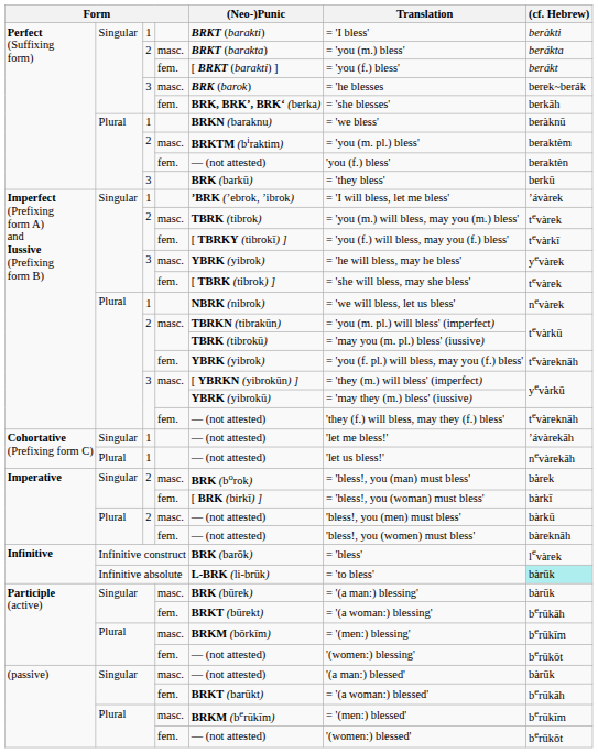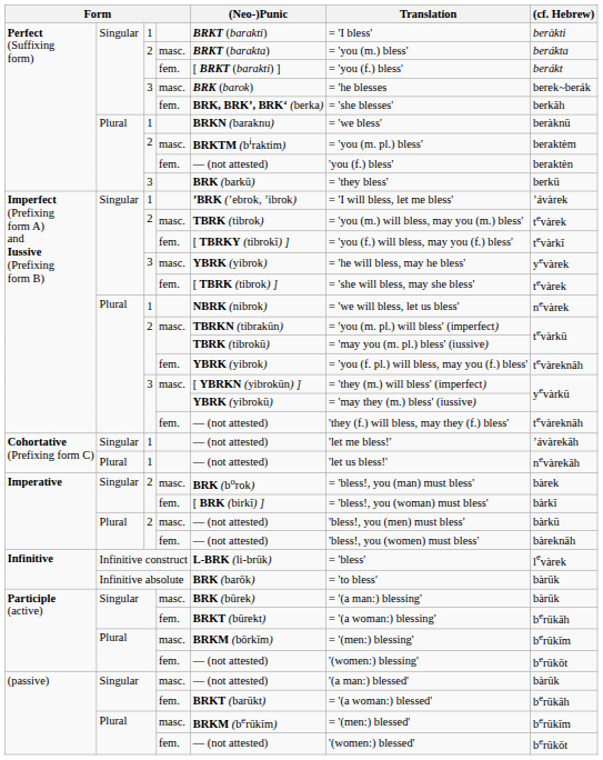 <table class="wikitable mw-collapsible mw-collapsed">
 <tr>
 <th colspan="4">Form</th>
 <th>(Neo-)Punic</th>
 <th>Translation</th>
 <th>(cf. Hebrew)</th>
 </tr>
 <tr>
 <td rowspan="9" valign="top"><strong>Perfect</strong><br>(Suffixing<br>form)</td>
 <td rowspan="5" valign="top">Singular</td>
 <td>1</td>
 <td></td>
 <td><strong> <em>BRKT</em> </strong> (<em>barakti</em>)</td>
 <td>= 'I bless'</td>
 <td><em>beràkti</em></td>
 </tr>
 <tr>
 <td rowspan="2" valign="top">2</td>
 <td>masc.</td>
 <td><strong> <em>BRKT</em> </strong> (<em>barakta</em>)</td>
 <td>= 'you (m.) bless'</td>
 <td><em>berákta</em></td>
 </tr>
 <tr>
 <td>fem.</td>
 <td>[<strong> <em>BRKT</em> </strong> (<em>barakti</em>) ]</td>
 <td>= 'you (f.) bless'</td>
 <td><em>berákt</em></td>
 </tr>
 <tr>
 <td rowspan="2" valign="top">3</td>
 <td>masc.</td>
 <td><strong> <em>BRK</em> </strong> (<em>barok</em>)</td>
 <td>= 'he blesses<em></td>
 <td></em>berek<em>~</em>berák<em></td>
 </tr>
 <tr>
 <td>fem.</td>
 <td><strong> </em>BRK, BRK’, BRK‘<em> </strong> (</em>berka<em>)</td>
 <td>= 'she blesses'</td>
 <td></em>berkāh<em></td>
 </tr>
 <tr>
 <td rowspan="4" valign="top">Plural</td>
 <td>1</td>
 <td></td>
 <td><strong> </em>BRKN<em> </strong> (</em>baraknu<em>)</td>
 <td>= 'we bless'</td>
 <td></em>beràknū<em></td>
 </tr>
 <tr>
 <td rowspan="2" valign="top">2</td>
 <td>masc.</td>
 <td><strong> </em>BRKTM<em> </strong> (</em>b<sup>i</sup>raktim<em>)</td>
 <td>= 'you (m. pl.) bless'</td>
 <td></em>beraktèm<em></td>
 </tr>
 <tr>
 <td>fem.</td>
 <td></em>— (not attested)<em></td>
 <td>'you (f.) bless'</td>
 <td></em>beraktèn<em></td>
 </tr>
 <tr>
 <td>3</td>
 <td></td>
 <td><strong> </em>BRK<em> </strong> (</em>barkū<em>)</td>
 <td>= 'they bless'</td>
 <td></em>berkū<em></td>
 </tr>
 <tr>
 <td rowspan="12" valign="top"><strong>Imperfect</strong><br>(Prefixing<br>form A)<br>and<br><strong>Iussive</strong><br>(Prefixing<br>form B)</td>
 <td rowspan="5" valign="top">Singular</td>
 <td>1</td>
 <td></td>
 <td><strong> </em>’BRK<em> </strong> (</em>’ebrok, ’ibrok<em>)</td>
 <td>= 'I will bless, let me bless'</td>
 <td></em>’ávàrek<em></td>
 </tr>
 <tr>
 <td rowspan="2" valign="top">2</td>
 <td>masc.</td>
 <td><strong> </em>TBRK<em> </strong> (</em>tibrok<em>)</td>
 <td>= 'you (m.) will bless, may you (m.) bless'</td>
 <td></em>t<sup>e</sup>vàrek<em></td>
 </tr>
 <tr>
 <td>fem.</td>
 <td>[<strong> </em>TBRKY<em> </strong> (</em>tibrokī<em>) ]</td>
 <td>= 'you (f.) will bless, may you (f.) bless'</td>
 <td></em>t<sup>e</sup>vàrkī<em></td>
 </tr>
 <tr>
 <td rowspan="2" valign="top">3</td>
 <td>masc.</td>
 <td><strong> </em>YBRK<em> </strong> (</em>yibrok<em>)</td>
 <td>= 'he will bless, may he bless'</td>
 <td></em>y<sup>e</sup>vàrek<em></td>
 </tr>
 <tr>
 <td>fem.</td>
 <td>[<strong> </em>TBRK<em> </strong> (</em>tibrok<em>) ]</td>
 <td>= 'she will bless, may she bless'</td>
 <td></em>t<sup>e</sup>vàrek<em></td>
 </tr>
 <tr>
 <td rowspan="7" valign="top">Plural</td>
 <td>1</td>
 <td></td>
 <td><strong> </em>NBRK<em> </strong> (</em>nibrok<em>)</td>
 <td>= 'we will bless, let us bless'</td>
 <td></em>n<sup>e</sup>vàrek<em></td>
 </tr>
 <tr>
 <td rowspan="3" valign="top">2</td>
 <td rowspan="2" valign="top">masc.</td>
 <td><strong> </em>TBRKN<em> </strong> (</em>tibrakūn<em>)</td>
 <td>= 'you (m. pl.) will bless' (</em>imperfect<em>)</td>
 <td rowspan="2"></em>t<sup>e</sup>vàrkū<em></td>
 </tr>
 <tr>
 <td><strong> </em>TBRK<em> </strong> (</em>tibrokū<em>)</td>
 <td>= 'may you (m. pl.) bless' (</em>iussive<em>)</td>
 </tr>
 <tr>
 <td>fem.</td>
 <td><strong> </em>YBRK<em> </strong> (</em>yibrok<em>)</td>
 <td>= 'you (f. pl.) will bless, may you (f.) bless'</td>
 <td></em>t<sup>e</sup>vàreknāh<em></td>
 </tr>
 <tr>
 <td rowspan="3" valign="top">3</td>
 <td rowspan="2" valign="top">masc.</td>
 <td>[ <strong> </em>YBRKN<em> </strong> (</em>yibrokūn<em>) ]</td>
 <td>= 'they (m.) will bless' (</em>imperfect<em>)</td>
 <td rowspan="2"></em>y<sup>e</sup>vàrkū<em></td>
 </tr>
 <tr>
 <td><strong> </em>YBRK<em> </strong> (</em>yibrokū<em>)</td>
 <td>= 'may they (m.) bless' (</em>iussive<em>)</td>
 </tr>
 <tr>
 <td>fem.</td>
 <td></em>— (not attested)<em></td>
 <td>'they (f.) will bless, may they (f.) bless'</td>
 <td></em>t<sup>e</sup>vàreknāh<em></td>
 </tr>
 <tr>
 <td rowspan="2" valign="top"><strong>Cohortative</strong> <br>(Prefixing form C)</td>
 <td>Singular</td>
 <td>1</td>
 <td></td>
 <td></em>— (not attested)<em></td>
 <td>'let me bless!'</td>
 <td></em>’ávàrekāh<em></td>
 </tr>
 <tr>
 <td>Plural</td>
 <td>1</td>
 <td></td>
 <td></em>— (not attested)<em></td>
 <td>'let us bless!'</td>
 <td></em>n<sup>e</sup>vàrekāh<em></td>
 </tr>
 <tr>
 <td rowspan="4" valign="top"><strong>Imperative</strong></td>
 <td rowspan="2" valign="top">Singular</td>
 <td rowspan="2" valign="top">2</td>
 <td>masc.</td>
 <td><strong> </em>BRK<em> </strong> (</em>b<sup>o</sup>rok<em>)</td>
 <td>= 'bless!, you (man) must bless'</td>
 <td></em>bàrek<em></td>
 </tr>
 <tr>
 <td>fem.</td>
 <td>[<strong> </em>BRK<em> </strong> (</em>birkī<em>) ]</td>
 <td>= 'bless!, you (woman) must bless'</td>
 <td></em>bàrkī<em></td>
 </tr>
 <tr>
 <td rowspan="2" valign="top">Plural</td>
 <td rowspan="2" valign="top">2</td>
 <td>masc.</td>
 <td></em>— (not attested)<em></td>
 <td>'bless!, you (men) must bless'</td>
 <td></em>bàrkū<em></td>
 </tr>
 <tr>
 <td>fem.</td>
 <td></em>— (not attested)<em></td>
 <td>'bless!, you (women) must bless'</td>
 <td></em>bàreknāh<em></td>
 </tr>
 <tr>
 <td rowspan="2" valign="top"><strong>Infinitive</strong></td>
 <td colspan="3">Infinitive construct</td>
-<td><strong> </em>BRK<em> </strong> (</em>barōk<em>)</td>
+<td><strong> </em>L-BRK<em> </strong> (</em>li-brūk<em>)</td>
 <td>= 'bless'</td>
 <td></em>l<sup>e</sup>vàrek<em></td>
 </tr>
 <tr>
 <td colspan="3">Infinitive absolute</td>
-<td><strong> </em>L-BRK<em> </strong> (</em>li-brūk<em>)</td>
+<td><strong> </em>BRK<em> </strong> (</em>barōk<em>)</td>
 <td>= 'to bless'</td>
-<td style="background: paleturquoise;"></em>bàrūk<em></td>
+<td></em>bàrūk<em></td>
 </tr>
 <tr>
 <td rowspan="4" valign="top"><strong>Participle</strong><br>(active)</td>
 <td rowspan="2" colspan="2" valign="top">Singular</td>
 <td>masc.</td>
 <td><strong> </em>BRK<em> </strong> (</em>būrek<em>)</td>
 <td>= '(a man:) blessing'</td>
 <td></em>bàrūk<em></td>
 </tr>
 <tr>
 <td>fem.</td>
 <td><strong> </em>BRKT<em> </strong> (</em>būrekt<em>)</td>
 <td>= '(a woman:) blessing'</td>
 <td></em>b<sup>e</sup>rūkāh<em></td>
 </tr>
 <tr>
 <td rowspan="2" valign="top" colspan="2">Plural</td>
 <td>masc.</td>
 <td><strong> </em>BRKM<em> </strong> (</em>bōrkīm<em>)</td>
 <td>= '(men:) blessing'</td>
 <td></em>b<sup>e</sup>rūkīm<em></td>
 </tr>
 <tr>
 <td>fem.</td>
 <td></em>— (not attested)<em></td>
 <td>'(women:) blessing'</td>
 <td></em>b<sup>e</sup>rūkōt<em></td>
 </tr>
 <tr>
 <td rowspan="4" valign="top">(passive)</td>
 <td rowspan="2" colspan="2" valign="top">Singular</td>
 <td>masc.</td>
 <td></em>— (not attested)<em></td>
 <td>'(a man:) blessed'</td>
 <td></em>bàrūk<em></td>
 </tr>
 <tr>
 <td>fem.</td>
 <td><strong> </em>BRKT<em> </strong> (</em>barūkt<em>)</td>
 <td>= '(a woman:) blessed'</td>
 <td></em>b<sup>e</sup>rūkāh<em></td>
 </tr>
 <tr>
 <td rowspan="2" valign="top" colspan="2">Plural</td>
 <td>masc.</td>
 <td><strong> </em>BRKM<em> </strong> (</em>b<sup>e</sup>rūkīm<em>)</td>
 <td>= '(men:) blessed'</td>
 <td></em>b<sup>e</sup>rūkīm<em></td>
 </tr>
 <tr>
 <td>fem.</td>
 <td></em>— (not attested)<em></td>
 <td>'(women:) blessed'</td>
 <td></em>b<sup>e</sup>rūkōt<em></td>
 </tr>
 </table>
